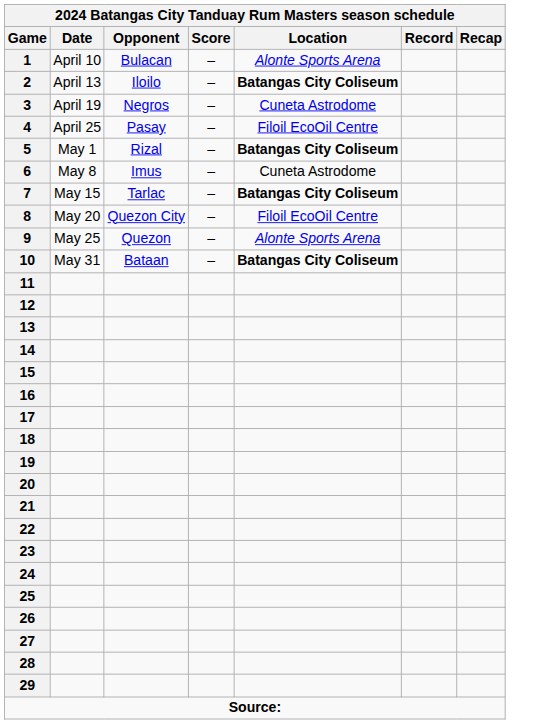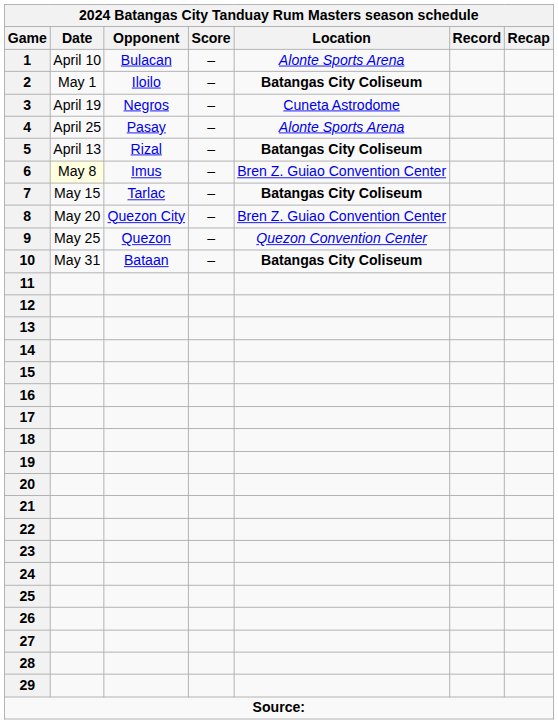 <table class="wikitable" style="text-align:center">
 <tr>
 <th colspan=7>2024 Batangas City Tanduay Rum Masters season schedule</th>
 </tr>
 <tr>
 <th>Game</th>
 <th>Date</th>
 <th>Opponent</th>
 <th>Score</th>
 <th>Location</th>
 <th>Record</th>
 <th>Recap<br></th>
 </tr>
 <tr>
 <th>1</th>
 <td>April 10</td>
 <td><a href='#'>Bulacan</a></td>
 <td>–</td>
 <td><em><a href='#'>Alonte Sports Arena</a></em></td>
 <td></td>
 <td></td>
 </tr>
 <tr>
 <th>2</th>
-<td>April 13</td>
+<td>May 1</td>
 <td><a href='#'>Iloilo</a></td>
 <td>–</td>
 <td><strong>Batangas City Coliseum</strong></td>
 <td></td>
 <td></td>
 </tr>
 <tr>
 <th>3</th>
 <td>April 19</td>
 <td><a href='#'>Negros</a></td>
 <td>–</td>
 <td><a href='#'>Cuneta Astrodome</a></td>
 <td></td>
 <td></td>
 </tr>
 <tr>
 <th>4</th>
 <td>April 25</td>
 <td><a href='#'>Pasay</a></td>
 <td>–</td>
-<td><a href='#'>Filoil EcoOil Centre</a></td>
+<td><em><a href='#'>Alonte Sports Arena</a></em></td>
 <td></td>
 <td></td>
 </tr>
 <tr>
 <th>5</th>
-<td>May 1</td>
+<td>April 13</td>
 <td><a href='#'>Rizal</a></td>
 <td>–</td>
 <td><strong>Batangas City Coliseum</strong></td>
 <td></td>
 <td></td>
 </tr>
 <tr>
 <th>6</th>
-<td>May 8</td>
+<td style="background: lightyellow;">May 8</td>
 <td><a href='#'>Imus</a></td>
 <td>–</td>
-<td>Cuneta Astrodome</td>
+<td><a href='#'>Bren Z. Guiao Convention Center</a></td>
 <td></td>
 <td></td>
 </tr>
 <tr>
 <th>7</th>
 <td>May 15</td>
 <td><a href='#'>Tarlac</a></td>
 <td>–</td>
 <td><strong>Batangas City Coliseum</strong></td>
 <td></td>
 <td></td>
 </tr>
 <tr>
 <th>8</th>
 <td>May 20</td>
 <td><a href='#'>Quezon City</a></td>
 <td>–</td>
-<td><a href='#'>Filoil EcoOil Centre</a></td>
+<td><a href='#'>Bren Z. Guiao Convention Center</a></td>
 <td></td>
 <td></td>
 </tr>
 <tr>
 <th>9</th>
 <td>May 25</td>
 <td><a href='#'>Quezon</a></td>
 <td>–</td>
-<td><em><a href='#'>Alonte Sports Arena</a></em></td>
+<td><em><a href='#'>Quezon Convention Center</a></em></td>
 <td></td>
 <td></td>
 </tr>
 <tr>
 <th>10</th>
 <td>May 31</td>
 <td><a href='#'>Bataan</a></td>
 <td>–</td>
 <td><strong>Batangas City Coliseum</strong></td>
 <td></td>
 <td><br></td>
 </tr>
 <tr>
 <th>11</th>
 <td></td>
 <td></td>
 <td></td>
 <td></td>
 <td></td>
 <td></td>
 </tr>
 <tr>
 <th>12</th>
 <td></td>
 <td></td>
 <td></td>
 <td></td>
 <td></td>
 <td></td>
 </tr>
 <tr>
 <th>13</th>
 <td></td>
 <td></td>
 <td></td>
 <td></td>
 <td></td>
 <td></td>
 </tr>
 <tr>
 <th>14</th>
 <td></td>
 <td></td>
 <td></td>
 <td></td>
 <td></td>
 <td></td>
 </tr>
 <tr>
 <th>15</th>
 <td></td>
 <td></td>
 <td></td>
 <td></td>
 <td></td>
 <td></td>
 </tr>
 <tr>
 <th>16</th>
 <td></td>
 <td></td>
 <td></td>
 <td></td>
 <td></td>
 <td></td>
 </tr>
 <tr>
 <th>17</th>
 <td></td>
 <td></td>
 <td></td>
 <td></td>
 <td></td>
 <td></td>
 </tr>
 <tr>
 <th>18</th>
 <td></td>
 <td></td>
 <td></td>
 <td></td>
 <td></td>
 <td></td>
 </tr>
 <tr>
 <th>19</th>
 <td></td>
 <td></td>
 <td></td>
 <td></td>
 <td></td>
 <td></td>
 </tr>
 <tr>
 <th>20</th>
 <td></td>
 <td></td>
 <td></td>
 <td></td>
 <td></td>
 <td><br></td>
 </tr>
 <tr>
 <th>21</th>
 <td></td>
 <td></td>
 <td></td>
 <td></td>
 <td></td>
 <td></td>
 </tr>
 <tr>
 <th>22</th>
 <td></td>
 <td></td>
 <td></td>
 <td></td>
 <td></td>
 <td></td>
 </tr>
 <tr>
 <th>23</th>
 <td></td>
 <td></td>
 <td></td>
 <td></td>
 <td></td>
 <td></td>
 </tr>
 <tr>
 <th>24</th>
 <td></td>
 <td></td>
 <td></td>
 <td></td>
 <td></td>
 <td></td>
 </tr>
 <tr>
 <th>25</th>
 <td></td>
 <td></td>
 <td></td>
 <td></td>
 <td></td>
 <td></td>
 </tr>
 <tr>
 <th>26</th>
 <td></td>
 <td></td>
 <td></td>
 <td></td>
 <td></td>
 <td></td>
 </tr>
 <tr>
 <th>27</th>
 <td></td>
 <td></td>
 <td></td>
 <td></td>
 <td></td>
 <td></td>
 </tr>
 <tr>
 <th>28</th>
 <td></td>
 <td></td>
 <td></td>
 <td></td>
 <td></td>
 <td></td>
 </tr>
 <tr>
 <th>29</th>
 <td></td>
 <td></td>
 <td></td>
 <td></td>
 <td></td>
 <td></td>
 </tr>
 <tr>
 <td colspan=7 align=center><strong>Source: </strong></td>
 </tr>
 </table>
